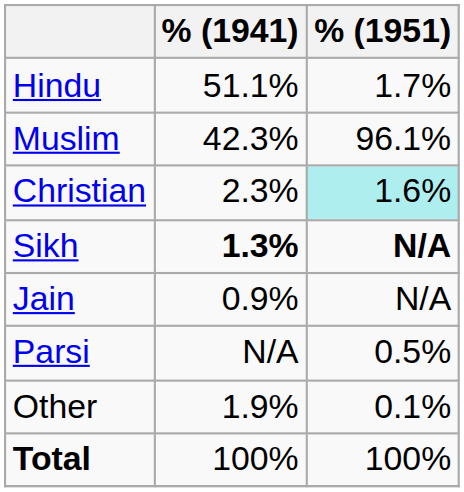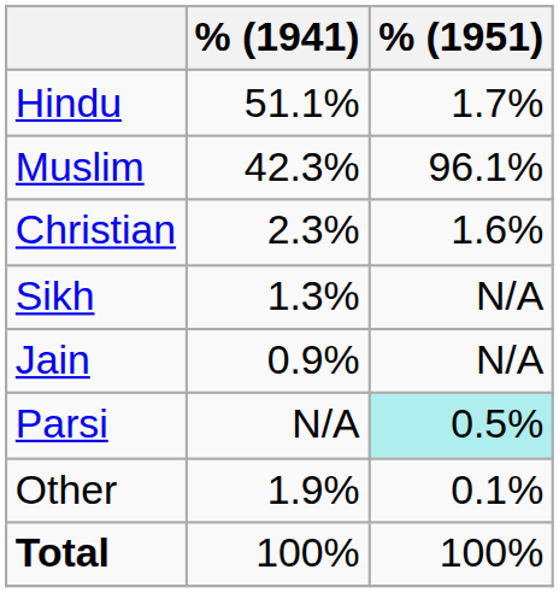 <table class="wikitable sortable" style="text-align:right">
 <tr>
 <th></th>
 <th>% (1941)</th>
 <th>% (1951)</th>
 </tr>
 <tr>
 <td style="text-align: left;"><a href='#'>Hindu</a></td>
 <td>51.1%</td>
 <td>1.7%</td>
 </tr>
 <tr>
 <td style="text-align: left;"><a href='#'>Muslim</a></td>
 <td>42.3%</td>
 <td>96.1%</td>
 </tr>
 <tr>
 <td style="text-align: left;"><a href='#'>Christian</a></td>
 <td>2.3%</td>
-<td style="background: paleturquoise;">1.6%</td>
+<td>1.6%</td>
 </tr>
 <tr>
 <td style="text-align: left;"><a href='#'>Sikh</a></td>
-<td><strong>1.3%</strong></td>
-<td><strong>N/A</strong></td>
+<td>1.3%</td>
+<td>N/A</td>
 </tr>
 <tr>
 <td style="text-align: left;"><a href='#'>Jain</a></td>
 <td>0.9%</td>
 <td>N/A</td>
 </tr>
 <tr>
 <td style="text-align: left;"><a href='#'>Parsi</a></td>
 <td>N/A</td>
-<td>0.5%</td>
+<td style="background: paleturquoise;">0.5%</td>
 </tr>
 <tr>
 <td style="text-align: left;">Other</td>
 <td>1.9%</td>
 <td>0.1%</td>
 </tr>
 <tr>
 <td style="text-align: left;"><strong>Total</strong></td>
 <td>100%</td>
 <td>100%</td>
 </tr>
 <tr>
 </tr>
 </table>
